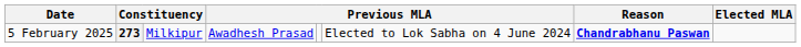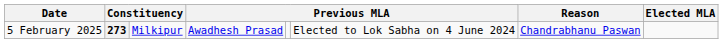 <table class="wikitable sortable" style="text-align:center;">
 <tr>
 <th>Date</th>
 <th colspan="2">Constituency</th>
 <th colspan="3">Previous MLA</th>
 <th>Reason</th>
 <th colspan="3">Elected MLA</th>
 </tr>
 <tr>
 <td rowspan=2>5 February 2025</td>
 <th>273</th>
 <td><a href='#'>Milkipur</a></td>
 <td><a href='#'>Awadhesh Prasad</a></td>
 <td></td>
 <td>Elected to Lok Sabha on 4 June 2024</td>
-<td><strong><a href='#'>Chandrabhanu Paswan</a></strong></td>
+<td><a href='#'>Chandrabhanu Paswan</a></td>
 <td></td>
 </tr>
 </table>
